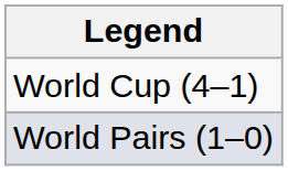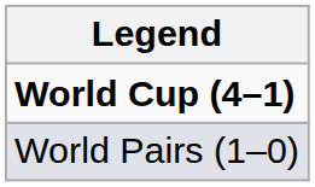 <table class="wikitable">
 <tr>
 <th>Legend</th>
 </tr>
 <tr>
-<td>World Cup (4–1)</td>
+<td><strong>World Cup (4–1)</strong></td>
 </tr>
 <tr style="background:#dfe2e9;">
 <td>World Pairs (1–0)</td>
 </tr>
 </table>
